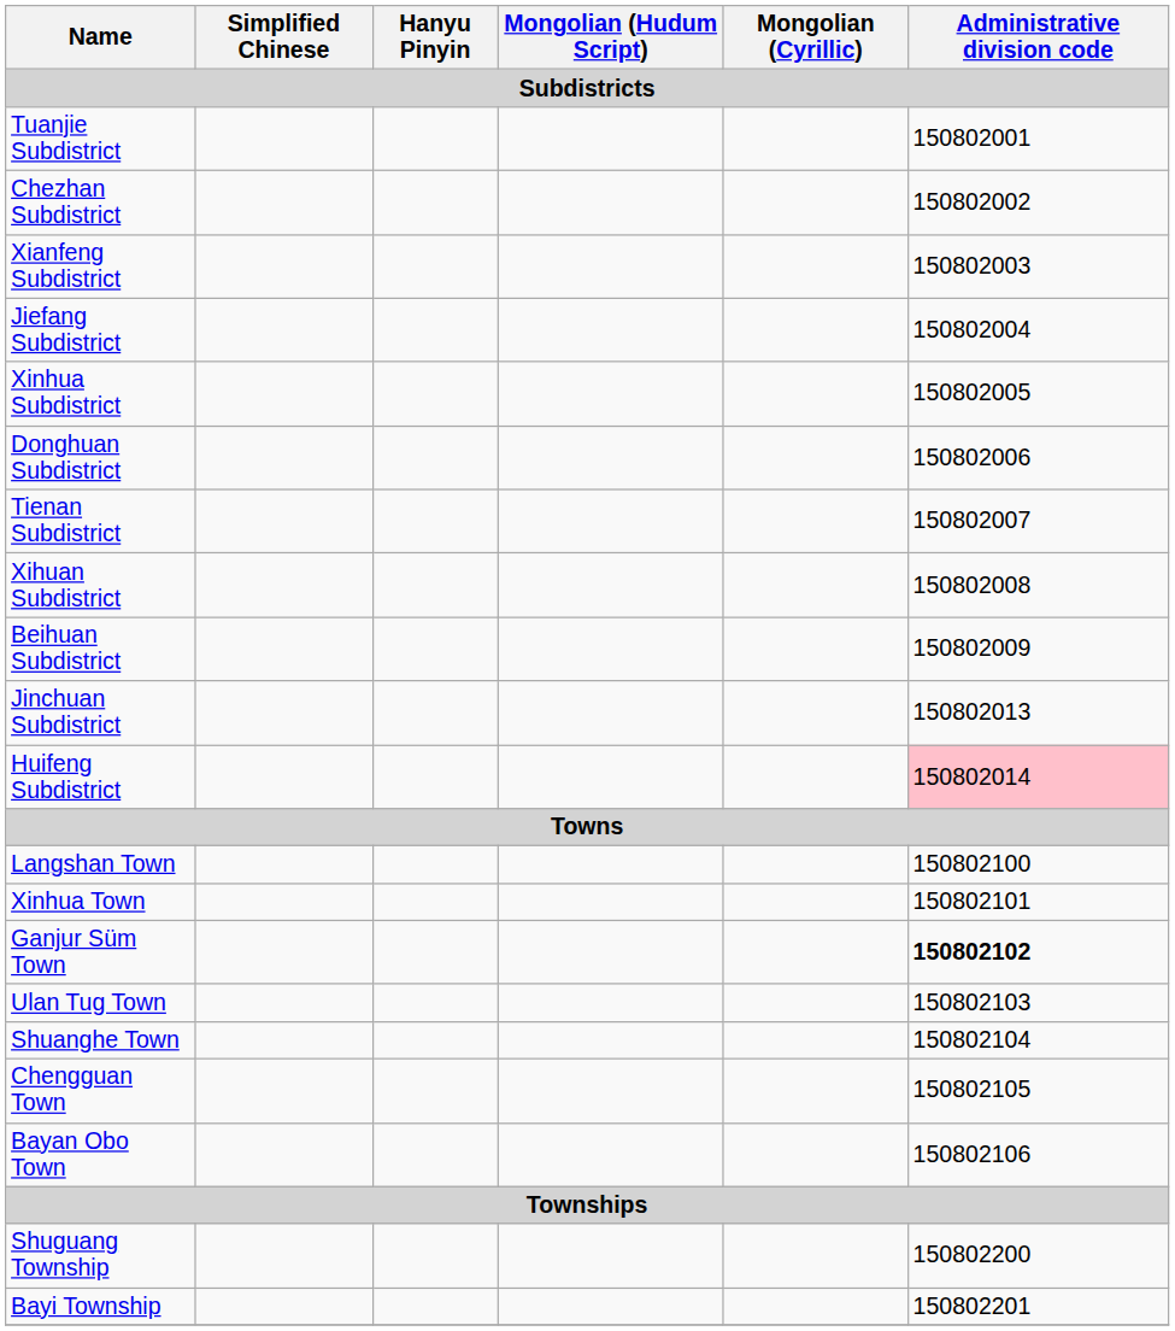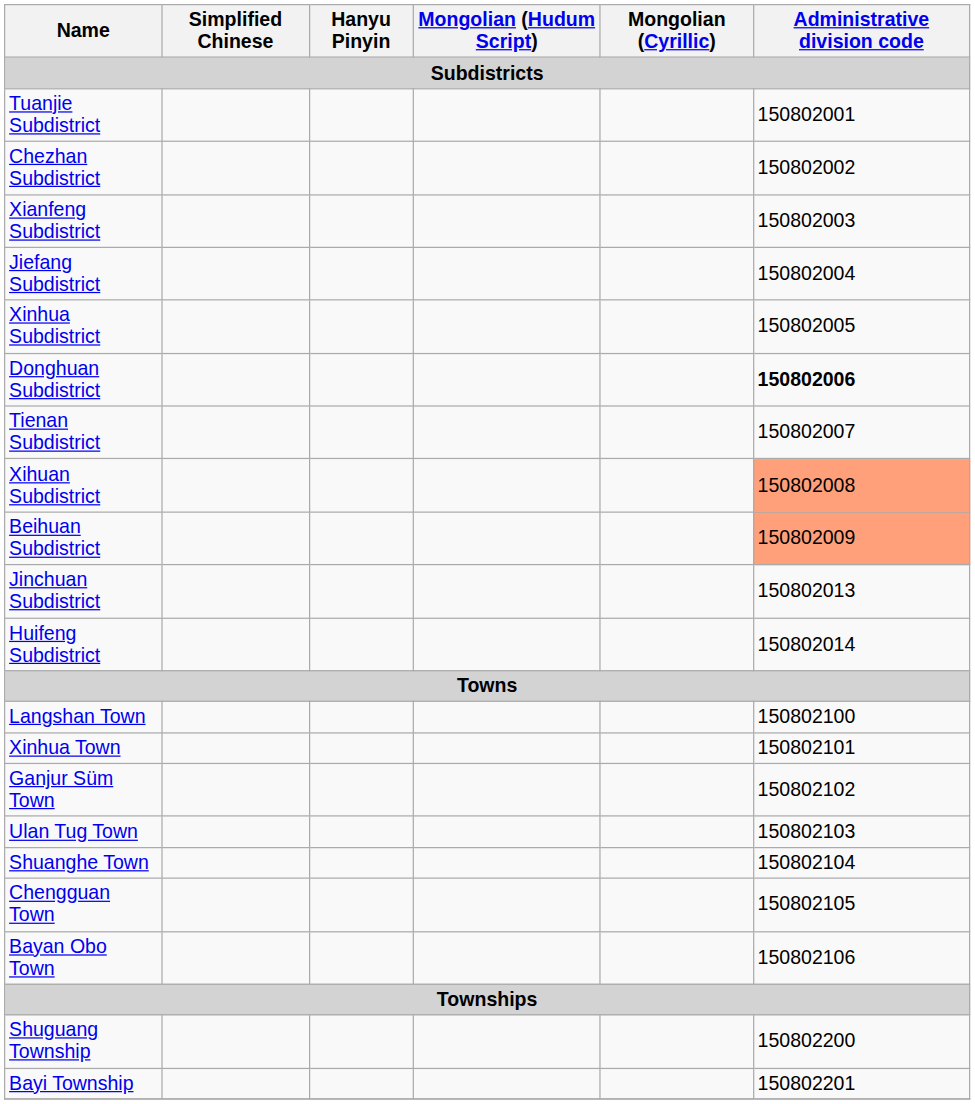 <table class="wikitable" align="center" style="width:50%; border="1">
 <tr>
 <th>Name</th>
 <th>Simplified Chinese</th>
 <th>Hanyu Pinyin</th>
 <th><a href='#'>Mongolian</a> (<a href='#'>Hudum Script</a>)</th>
 <th>Mongolian (<a href='#'>Cyrillic</a>)</th>
 <th><a href='#'>Administrative division code</a></th>
 </tr>
 <tr>
 <td colspan="6"  style="text-align:center; background:#d3d3d3;"><strong>Subdistricts</strong></td>
 </tr>
 <tr --------->
 <td><a href='#'>Tuanjie Subdistrict</a></td>
 <td></td>
 <td></td>
 <td></td>
 <td></td>
 <td>150802001</td>
 </tr>
 <tr>
 <td><a href='#'>Chezhan Subdistrict</a></td>
 <td></td>
 <td></td>
 <td></td>
 <td></td>
 <td>150802002</td>
 </tr>
 <tr>
 <td><a href='#'>Xianfeng Subdistrict</a></td>
 <td></td>
 <td></td>
 <td></td>
 <td></td>
 <td>150802003</td>
 </tr>
 <tr>
 <td><a href='#'>Jiefang Subdistrict</a></td>
 <td></td>
 <td></td>
 <td></td>
 <td></td>
 <td>150802004</td>
 </tr>
 <tr>
 <td><a href='#'>Xinhua Subdistrict</a></td>
 <td></td>
 <td></td>
 <td></td>
 <td></td>
 <td>150802005</td>
 </tr>
 <tr>
 <td><a href='#'>Donghuan Subdistrict</a></td>
 <td></td>
 <td></td>
 <td></td>
 <td></td>
-<td>150802006</td>
+<td><strong>150802006</strong></td>
 </tr>
 <tr>
 <td><a href='#'>Tienan Subdistrict</a></td>
 <td></td>
 <td></td>
 <td></td>
 <td></td>
 <td>150802007</td>
 </tr>
 <tr>
 <td><a href='#'>Xihuan Subdistrict</a></td>
 <td></td>
 <td></td>
 <td></td>
 <td></td>
-<td>150802008</td>
+<td style="background: lightsalmon;">150802008</td>
 </tr>
 <tr>
 <td><a href='#'>Beihuan Subdistrict</a></td>
 <td></td>
 <td></td>
 <td></td>
 <td></td>
-<td>150802009</td>
+<td style="background: lightsalmon;">150802009</td>
 </tr>
 <tr>
 <td><a href='#'>Jinchuan Subdistrict</a></td>
 <td></td>
 <td></td>
 <td></td>
 <td></td>
 <td>150802013</td>
 </tr>
 <tr>
 <td><a href='#'>Huifeng Subdistrict</a></td>
 <td></td>
 <td></td>
 <td></td>
 <td></td>
-<td style="background: pink;">150802014</td>
+<td>150802014</td>
 </tr>
 <tr>
 <td colspan="6"  style="text-align:center; background:#d3d3d3;"><strong>Towns</strong></td>
 </tr>
 <tr --------->
 <td><a href='#'>Langshan Town</a></td>
 <td></td>
 <td></td>
 <td></td>
 <td></td>
 <td>150802100</td>
 </tr>
 <tr>
 <td><a href='#'>Xinhua Town</a></td>
 <td></td>
 <td></td>
 <td></td>
 <td></td>
 <td>150802101</td>
 </tr>
 <tr>
 <td><a href='#'>Ganjur Süm Town</a></td>
 <td></td>
 <td></td>
 <td></td>
 <td></td>
-<td><strong>150802102</strong></td>
+<td>150802102</td>
 </tr>
 <tr>
 <td><a href='#'>Ulan Tug Town</a></td>
 <td></td>
 <td></td>
 <td></td>
 <td></td>
 <td>150802103</td>
 </tr>
 <tr>
 <td><a href='#'>Shuanghe Town</a></td>
 <td></td>
 <td></td>
 <td></td>
 <td></td>
 <td>150802104</td>
 </tr>
 <tr>
 <td><a href='#'>Chengguan Town</a></td>
 <td></td>
 <td></td>
 <td></td>
 <td></td>
 <td>150802105</td>
 </tr>
 <tr>
 <td><a href='#'>Bayan Obo Town</a></td>
 <td></td>
 <td></td>
 <td></td>
 <td></td>
 <td>150802106</td>
 </tr>
 <tr>
 <td colspan="6"  style="text-align:center; background:#d3d3d3;"><strong>Townships</strong></td>
 </tr>
 <tr --------->
 <td><a href='#'>Shuguang Township</a></td>
 <td></td>
 <td></td>
 <td></td>
 <td></td>
 <td>150802200</td>
 </tr>
 <tr>
 <td><a href='#'>Bayi Township</a></td>
 <td></td>
 <td></td>
 <td></td>
 <td></td>
 <td>150802201</td>
 </tr>
 <tr>
 </tr>
 </table>
